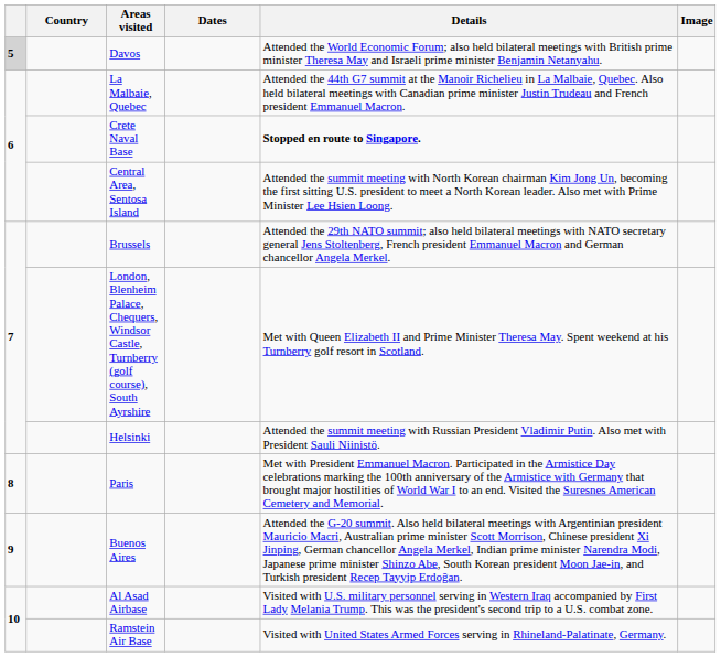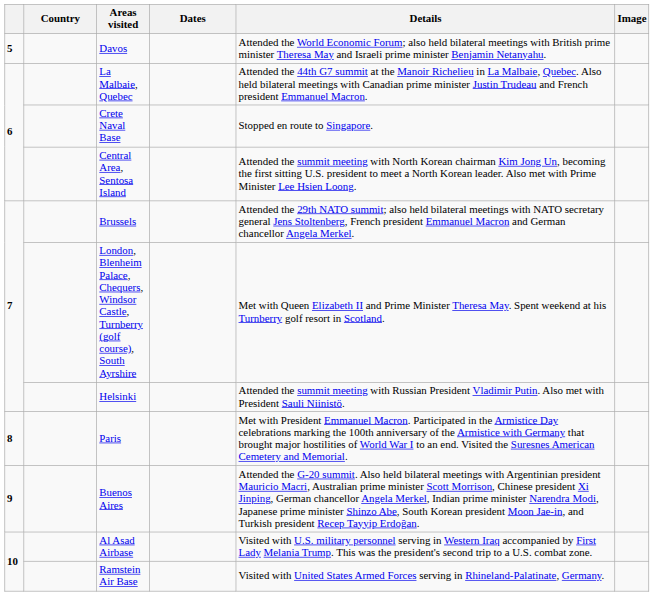 <table class="wikitable sortable" style="margin:1em auto 1em auto;">
 <tr>
 <th style="width: 3%;"></th>
 <th width=100>Country</th>
 <th width=70>Areas visited</th>
 <th width=120>Dates</th>
 <th width=550>Details</th>
 <th>Image</th>
 </tr>
 <tr>
-<td style="background: lightgrey;"><strong>5</strong></td>
+<td><strong>5</strong></td>
 <td></td>
 <td><a href='#'>Davos</a></td>
 <td></td>
 <td>Attended the <a href='#'>World Economic Forum</a>; also held bilateral meetings with British prime minister <a href='#'>Theresa May</a> and Israeli prime minister <a href='#'>Benjamin Netanyahu</a>.</td>
 <td></td>
 </tr>
 <tr>
 <td rowspan=3><strong>6</strong></td>
 <td></td>
 <td><a href='#'>La Malbaie</a>, <a href='#'>Quebec</a></td>
 <td></td>
 <td>Attended the <a href='#'>44th G7 summit</a> at the <a href='#'>Manoir Richelieu</a> in <a href='#'>La Malbaie</a>, <a href='#'>Quebec</a>. Also held bilateral meetings with Canadian prime minister <a href='#'>Justin Trudeau</a> and French president <a href='#'>Emmanuel Macron</a>.</td>
 <td></td>
 </tr>
 <tr>
 <td></td>
 <td><a href='#'>Crete Naval Base</a></td>
 <td></td>
-<td><strong>Stopped en route to <a href='#'>Singapore</a>.</strong></td>
+<td>Stopped en route to <a href='#'>Singapore</a>.</td>
 <td></td>
 </tr>
 <tr>
 <td></td>
 <td><a href='#'>Central Area</a>,<br><a href='#'>Sentosa Island</a></td>
 <td></td>
 <td>Attended the <a href='#'>summit meeting</a> with North Korean chairman <a href='#'>Kim Jong Un</a>, becoming the first sitting U.S. president to meet a North Korean leader. Also met with Prime Minister <a href='#'>Lee Hsien Loong</a>.</td>
 <td></td>
 </tr>
 <tr>
 <td rowspan=3><strong>7</strong></td>
 <td></td>
 <td><a href='#'>Brussels</a></td>
 <td></td>
 <td>Attended the <a href='#'>29th NATO summit</a>; also held bilateral meetings with NATO secretary general <a href='#'>Jens Stoltenberg</a>, French president <a href='#'>Emmanuel Macron</a> and German chancellor <a href='#'>Angela Merkel</a>.</td>
 <td></td>
 </tr>
 <tr>
 <td></td>
 <td><a href='#'>London</a>,<br><a href='#'>Blenheim Palace</a>,<br><a href='#'>Chequers</a>,<br><a href='#'>Windsor Castle</a>,<br><a href='#'>Turnberry (golf course)</a>,<br><a href='#'>South Ayrshire</a></td>
 <td></td>
 <td>Met with Queen <a href='#'>Elizabeth II</a> and Prime Minister <a href='#'>Theresa May</a>. Spent weekend at his <a href='#'>Turnberry</a> golf resort in <a href='#'>Scotland</a>.</td>
 <td></td>
 </tr>
 <tr>
 <td></td>
 <td><a href='#'>Helsinki</a></td>
 <td></td>
 <td>Attended the <a href='#'>summit meeting</a> with Russian President <a href='#'>Vladimir Putin</a>. Also met with President <a href='#'>Sauli Niinistö</a>.</td>
 <td></td>
 </tr>
 <tr>
 <td><strong>8</strong></td>
 <td></td>
 <td><a href='#'>Paris</a></td>
 <td></td>
 <td>Met with President <a href='#'>Emmanuel Macron</a>. Participated in the <a href='#'>Armistice Day</a> celebrations marking the 100th anniversary of the <a href='#'>Armistice with Germany</a> that brought major hostilities of <a href='#'>World War I</a> to an end. Visited the <a href='#'>Suresnes American Cemetery and Memorial</a>.</td>
 <td></td>
 </tr>
 <tr>
 <td><strong>9</strong></td>
 <td></td>
 <td><a href='#'>Buenos Aires</a></td>
 <td></td>
 <td>Attended the <a href='#'>G-20 summit</a>. Also held bilateral meetings with Argentinian president <a href='#'>Mauricio Macri</a>, Australian prime minister <a href='#'>Scott Morrison</a>, Chinese president <a href='#'>Xi Jinping</a>, German chancellor <a href='#'>Angela Merkel</a>, Indian prime minister <a href='#'>Narendra Modi</a>, Japanese prime minister <a href='#'>Shinzo Abe</a>, South Korean president <a href='#'>Moon Jae-in</a>, and Turkish president <a href='#'>Recep Tayyip Erdoğan</a>.</td>
 <td></td>
 </tr>
 <tr>
 <td rowspan=2><strong>10</strong></td>
 <td></td>
 <td><a href='#'>Al Asad Airbase</a></td>
 <td></td>
 <td>Visited with <a href='#'>U.S. military personnel</a> serving in <a href='#'>Western Iraq</a> accompanied by <a href='#'>First Lady</a> <a href='#'>Melania Trump</a>. This was the president's second trip to a U.S. combat zone.</td>
 <td></td>
 </tr>
 <tr>
 <td></td>
 <td><a href='#'>Ramstein Air Base</a></td>
 <td></td>
 <td>Visited with <a href='#'>United States Armed Forces</a> serving in <a href='#'>Rhineland-Palatinate</a>, <a href='#'>Germany</a>.</td>
 <td></td>
 </tr>
 </table>
